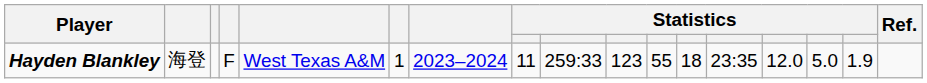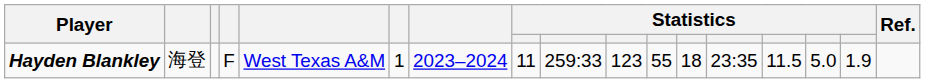 <table class="wikitable sortable" style="font-size:95%; text-align:right;">
 <tr>
 <th rowspan="2">Player</th>
 <th rowspan="2"></th>
 <th rowspan="2"></th>
 <th rowspan="2"></th>
 <th rowspan="2"></th>
 <th rowspan="2"></th>
 <th rowspan="2"></th>
 <th colspan="9">Statistics</th>
 <th rowspan="2">Ref.</th>
 </tr>
 <tr>
 <th></th>
 <th></th>
 <th></th>
 <th></th>
 <th></th>
 <th></th>
 <th></th>
 <th></th>
 <th></th>
 </tr>
 <tr>
 <td align="left"><strong><em>Hayden Blankley</em></strong></td>
 <td align="left">海登</td>
 <td align="center"></td>
 <td align="center">F</td>
 <td align="left"><a href='#'>West Texas A&M</a></td>
 <td align="center">1</td>
 <td align="center"><a href='#'>2023–2024</a></td>
 <td>11</td>
 <td>259:33</td>
 <td>123</td>
 <td>55</td>
 <td>18</td>
 <td>23:35</td>
-<td>12.0</td>
+<td>11.5</td>
 <td>5.0</td>
 <td>1.9</td>
 <td align="center"></td>
 </tr>
 </table>
